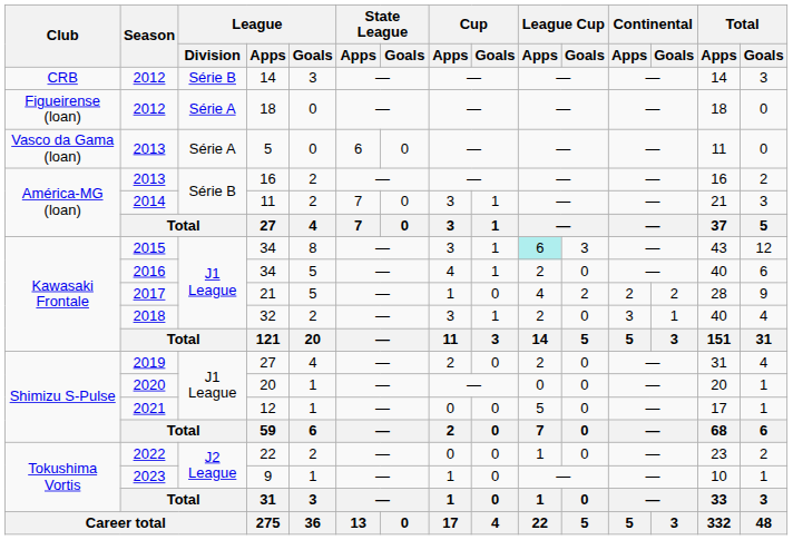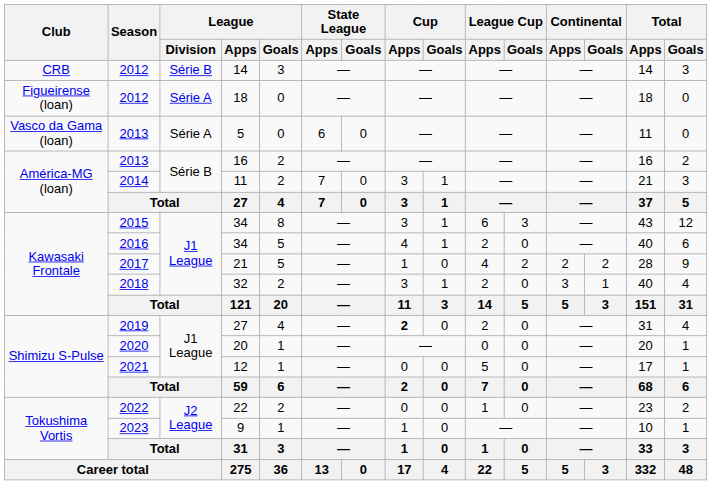 <table class="wikitable" style="text-align:center;">
 <tr>
 <th rowspan=2>Club</th>
 <th rowspan=2>Season</th>
 <th colspan=3>League</th>
 <th colspan=2>State League</th>
 <th colspan=2>Cup</th>
 <th colspan=2>League Cup</th>
 <th colspan=2>Continental</th>
 <th colspan=2>Total</th>
 </tr>
 <tr>
 <th>Division</th>
 <th>Apps</th>
 <th>Goals</th>
 <th>Apps</th>
 <th>Goals</th>
 <th>Apps</th>
 <th>Goals</th>
 <th>Apps</th>
 <th>Goals</th>
 <th>Apps</th>
 <th>Goals</th>
 <th>Apps</th>
 <th>Goals</th>
 </tr>
 <tr>
 <td><a href='#'>CRB</a></td>
 <td><a href='#'>2012</a></td>
 <td><a href='#'>Série B</a></td>
 <td>14</td>
 <td>3</td>
 <td colspan="2">—</td>
 <td colspan="2">—</td>
 <td colspan="2">—</td>
 <td colspan="2">—</td>
 <td>14</td>
 <td>3</td>
 </tr>
 <tr>
 <td><a href='#'>Figueirense</a> (loan)</td>
 <td><a href='#'>2012</a></td>
 <td><a href='#'>Série A</a></td>
 <td>18</td>
 <td>0</td>
 <td colspan="2">—</td>
 <td colspan="2">—</td>
 <td colspan="2">—</td>
 <td colspan="2">—</td>
 <td>18</td>
 <td>0</td>
 </tr>
 <tr>
 <td><a href='#'>Vasco da Gama</a> (loan)</td>
 <td><a href='#'>2013</a></td>
 <td>Série A</td>
 <td>5</td>
 <td>0</td>
 <td>6</td>
 <td>0</td>
 <td colspan="2">—</td>
 <td colspan="2">—</td>
 <td colspan="2">—</td>
 <td>11</td>
 <td>0</td>
 </tr>
 <tr>
 <td rowspan="3"><a href='#'>América-MG</a> (loan)</td>
 <td><a href='#'>2013</a></td>
 <td rowspan="2">Série B</td>
 <td>16</td>
 <td>2</td>
 <td colspan="2">—</td>
 <td colspan="2">—</td>
 <td colspan="2">—</td>
 <td colspan="2">—</td>
 <td>16</td>
 <td>2</td>
 </tr>
 <tr>
 <td><a href='#'>2014</a></td>
 <td>11</td>
 <td>2</td>
 <td>7</td>
 <td>0</td>
 <td>3</td>
 <td>1</td>
 <td colspan="2">—</td>
 <td colspan="2">—</td>
 <td>21</td>
 <td>3</td>
 </tr>
 <tr>
 <th colspan=2>Total</th>
 <th>27</th>
 <th>4</th>
 <th>7</th>
 <th>0</th>
 <th>3</th>
 <th>1</th>
 <th colspan="2">—</th>
 <th colspan="2">—</th>
 <th>37</th>
 <th>5</th>
 </tr>
 <tr>
 <td rowspan="5"><a href='#'>Kawasaki Frontale</a></td>
 <td><a href='#'>2015</a></td>
 <td rowspan="4"><a href='#'>J1 League</a></td>
 <td>34</td>
 <td>8</td>
 <td colspan="2">—</td>
 <td>3</td>
 <td>1</td>
-<td style="background: paleturquoise;">6</td>
+<td>6</td>
 <td>3</td>
 <td colspan="2">—</td>
 <td>43</td>
 <td>12</td>
 </tr>
 <tr>
 <td><a href='#'>2016</a></td>
 <td>34</td>
 <td>5</td>
 <td colspan="2">—</td>
 <td>4</td>
 <td>1</td>
 <td>2</td>
 <td>0</td>
 <td colspan="2">—</td>
 <td>40</td>
 <td>6</td>
 </tr>
 <tr>
 <td><a href='#'>2017</a></td>
 <td>21</td>
 <td>5</td>
 <td colspan="2">—</td>
 <td>1</td>
 <td>0</td>
 <td>4</td>
 <td>2</td>
 <td>2</td>
 <td>2</td>
 <td>28</td>
 <td>9</td>
 </tr>
 <tr>
 <td><a href='#'>2018</a></td>
 <td>32</td>
 <td>2</td>
 <td colspan="2">—</td>
 <td>3</td>
 <td>1</td>
 <td>2</td>
 <td>0</td>
 <td>3</td>
 <td>1</td>
 <td>40</td>
 <td>4</td>
 </tr>
 <tr>
 <th colspan=2>Total</th>
 <th>121</th>
 <th>20</th>
 <th colspan="2">—</th>
 <th>11</th>
 <th>3</th>
 <th>14</th>
 <th>5</th>
 <th>5</th>
 <th>3</th>
 <th>151</th>
 <th>31</th>
 </tr>
 <tr>
 <td rowspan="4"><a href='#'>Shimizu S-Pulse</a></td>
 <td><a href='#'>2019</a></td>
 <td rowspan="3">J1 League</td>
 <td>27</td>
 <td>4</td>
 <td colspan="2">—</td>
-<td>2</td>
+<td><strong>2</strong></td>
 <td>0</td>
 <td>2</td>
 <td>0</td>
 <td colspan="2">—</td>
 <td>31</td>
 <td>4</td>
 </tr>
 <tr>
 <td><a href='#'>2020</a></td>
 <td>20</td>
 <td>1</td>
 <td colspan="2">—</td>
 <td colspan="2">—</td>
 <td>0</td>
 <td>0</td>
 <td colspan="2">—</td>
 <td>20</td>
 <td>1</td>
 </tr>
 <tr>
 <td><a href='#'>2021</a></td>
 <td>12</td>
 <td>1</td>
 <td colspan="2">—</td>
 <td>0</td>
 <td>0</td>
 <td>5</td>
 <td>0</td>
 <td colspan="2">—</td>
 <td>17</td>
 <td>1</td>
 </tr>
 <tr>
 <th colspan=2>Total</th>
 <th>59</th>
 <th>6</th>
 <th colspan="2">—</th>
 <th>2</th>
 <th>0</th>
 <th>7</th>
 <th>0</th>
 <th colspan="2">—</th>
 <th>68</th>
 <th>6</th>
 </tr>
 <tr>
 <td rowspan="3"><a href='#'>Tokushima Vortis</a></td>
 <td><a href='#'>2022</a></td>
 <td rowspan="2"><a href='#'>J2 League</a></td>
 <td>22</td>
 <td>2</td>
 <td colspan="2">—</td>
 <td>0</td>
 <td>0</td>
 <td>1</td>
 <td>0</td>
 <td colspan="2">—</td>
 <td>23</td>
 <td>2</td>
 </tr>
 <tr>
 <td><a href='#'>2023</a></td>
 <td>9</td>
 <td>1</td>
 <td colspan="2">—</td>
 <td>1</td>
 <td>0</td>
 <td colspan="2">—</td>
 <td colspan="2">—</td>
 <td>10</td>
 <td>1</td>
 </tr>
 <tr>
 <th colspan=2>Total</th>
 <th>31</th>
 <th>3</th>
 <th colspan="2">—</th>
 <th>1</th>
 <th>0</th>
 <th>1</th>
 <th>0</th>
 <th colspan="2">—</th>
 <th>33</th>
 <th>3</th>
 </tr>
 <tr>
 <th colspan=3>Career total</th>
 <th>275</th>
 <th>36</th>
 <th>13</th>
 <th>0</th>
 <th>17</th>
 <th>4</th>
 <th>22</th>
 <th>5</th>
 <th>5</th>
 <th>3</th>
 <th>332</th>
 <th>48</th>
 </tr>
 </table>
